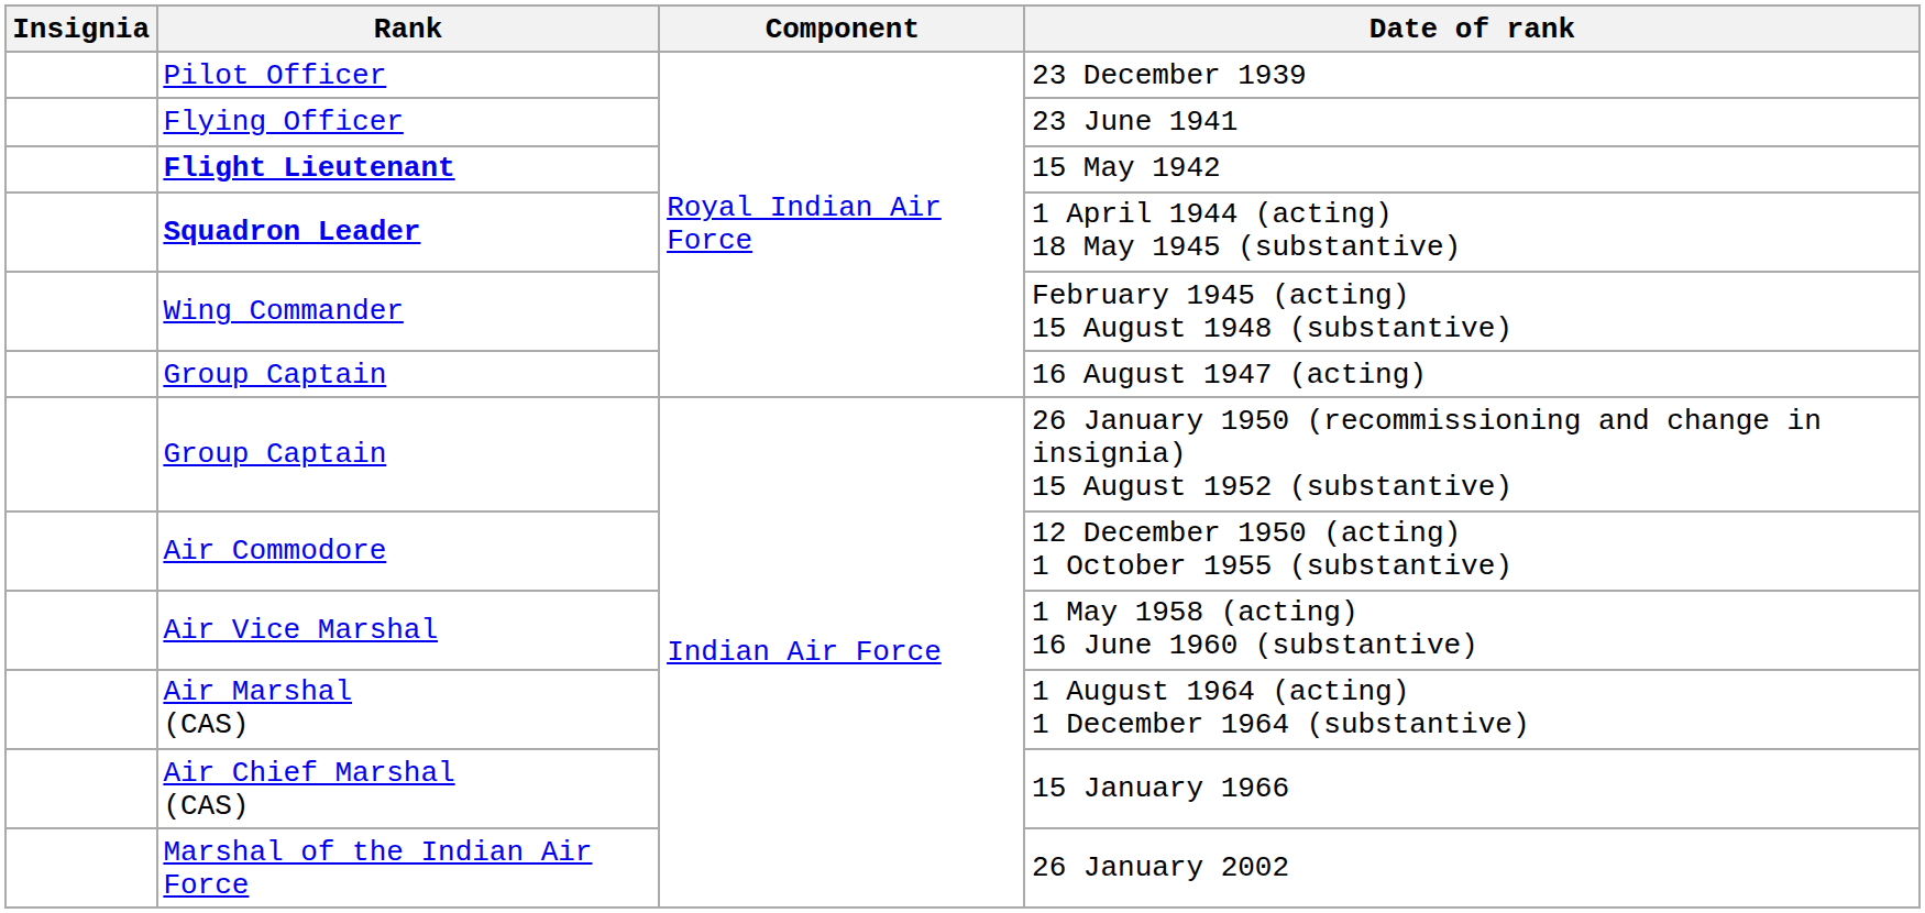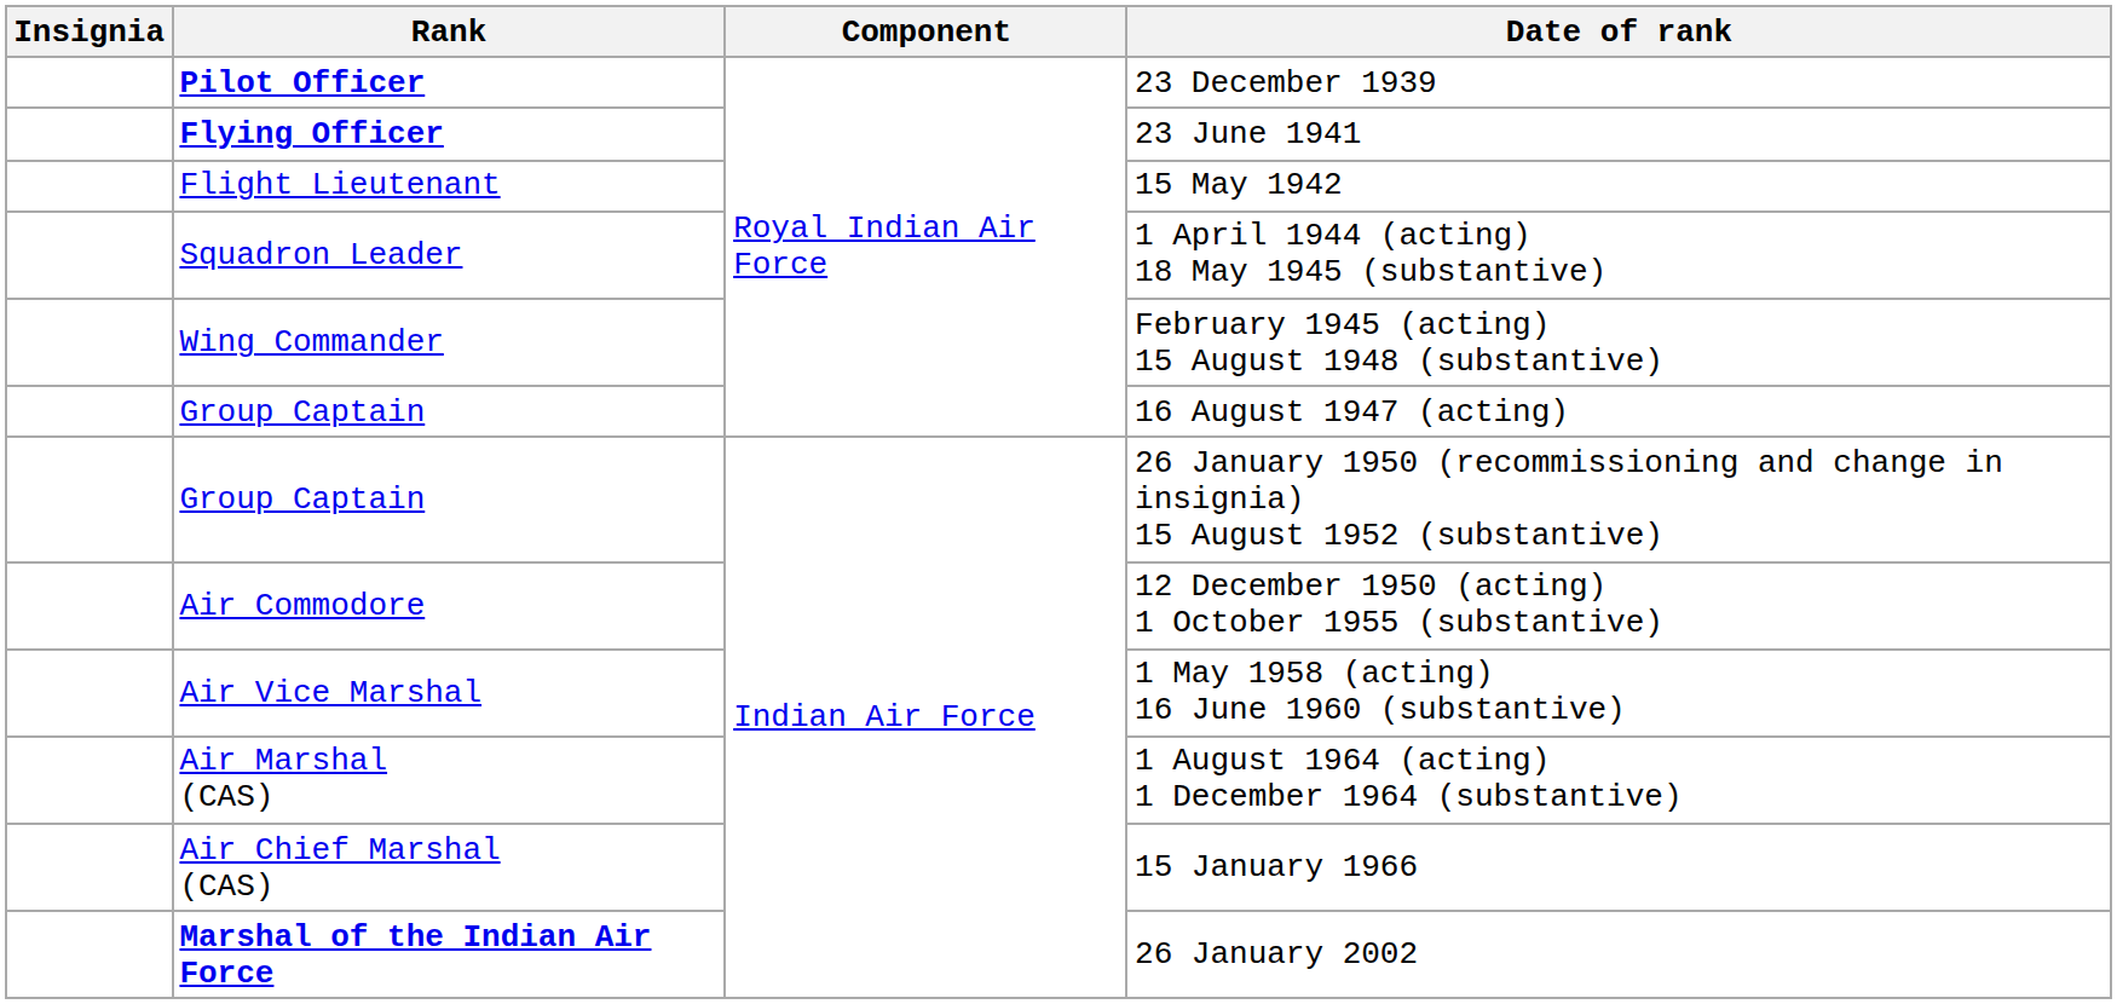 <table class="wikitable" style="background:white">
 <tr>
 <th>Insignia</th>
 <th>Rank</th>
 <th>Component</th>
 <th>Date of rank</th>
 </tr>
 <tr>
 <td align="center"></td>
-<td><a href='#'>Pilot Officer</a></td>
+<td><strong><a href='#'>Pilot Officer</a></strong></td>
 <td rowspan=6><a href='#'>Royal Indian Air Force</a></td>
 <td>23 December 1939</td>
 </tr>
 <tr>
 <td align="center"></td>
-<td><a href='#'>Flying Officer</a></td>
+<td><strong><a href='#'>Flying Officer</a></strong></td>
 <td>23 June 1941</td>
 </tr>
 <tr>
 <td align="center"></td>
-<td><strong><a href='#'>Flight Lieutenant</a></strong></td>
+<td><a href='#'>Flight Lieutenant</a></td>
 <td>15 May 1942</td>
 </tr>
 <tr>
 <td align="center"></td>
-<td><strong><a href='#'>Squadron Leader</a></strong></td>
+<td><a href='#'>Squadron Leader</a></td>
 <td>1 April 1944 (acting)<br>18 May 1945 (substantive)</td>
 </tr>
 <tr>
 <td align="center"></td>
 <td><a href='#'>Wing Commander</a></td>
 <td>February 1945 (acting)<br>15 August 1948 (substantive)</td>
 </tr>
 <tr>
 <td align="center"></td>
 <td><a href='#'>Group Captain</a></td>
 <td>16 August 1947 (acting)</td>
 </tr>
 <tr>
 <td align="center"></td>
 <td><a href='#'>Group Captain</a></td>
 <td rowspan=6><a href='#'>Indian Air Force</a></td>
 <td>26 January 1950 (recommissioning and change in insignia)<br>15 August 1952 (substantive)</td>
 </tr>
 <tr>
 <td align="center"></td>
 <td><a href='#'>Air Commodore</a></td>
 <td>12 December 1950 (acting)<br>1 October 1955 (substantive)</td>
 </tr>
 <tr>
 <td align="center"></td>
 <td><a href='#'>Air Vice Marshal</a></td>
 <td>1 May 1958 (acting)<br>16 June 1960 (substantive)</td>
 </tr>
 <tr>
 <td align="center"></td>
 <td><a href='#'>Air Marshal</a><br>(CAS)</td>
 <td>1 August 1964 (acting)<br>1 December 1964 (substantive)</td>
 </tr>
 <tr>
 <td align="center"></td>
 <td><a href='#'>Air Chief Marshal</a><br>(CAS)</td>
 <td>15 January 1966 </td>
 </tr>
 <tr>
 <td align="center"></td>
-<td><a href='#'>Marshal of the Indian Air Force</a></td>
+<td><strong><a href='#'>Marshal of the Indian Air Force</a></strong></td>
 <td>26 January 2002</td>
 </tr>
 <tr>
 </tr>
 </table>
